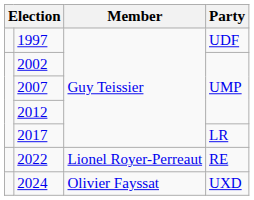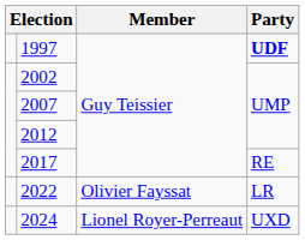 <table class="wikitable">
 <tr>
 <th colspan="2">Election</th>
 <th>Member</th>
 <th>Party</th>
 </tr>
 <tr>
 <td style="color:inherit;background-color: "></td>
 <td><a href='#'>1997</a></td>
 <td rowspan="5"><a href='#'>Guy Teissier</a></td>
-<td><a href='#'>UDF</a></td>
+<td><strong><a href='#'>UDF</a></strong></td>
 </tr>
 <tr>
 <td rowspan="4" style="background-color: "></td>
 <td><a href='#'>2002</a></td>
 <td rowspan="3"><a href='#'>UMP</a></td>
 </tr>
 <tr>
 <td><a href='#'>2007</a></td>
 </tr>
 <tr>
 <td><a href='#'>2012</a></td>
 </tr>
 <tr>
 <td><a href='#'>2017</a></td>
+<td><a href='#'>RE</a></td>
+</tr>
+<tr>
+<td style="color:inherit;background-color: "></td>
+<td><a href='#'>2022</a></td>
+<td><a href='#'>Olivier Fayssat</a></td>
 <td><a href='#'>LR</a></td>
 </tr>
 <tr>
 <td style="color:inherit;background-color: "></td>
-<td><a href='#'>2022</a></td>
+<td><a href='#'>2024</a></td>
 <td><a href='#'>Lionel Royer-Perreaut</a></td>
-<td><a href='#'>RE</a></td>
-</tr>
-<tr>
-<td style="color:inherit;background-color: "></td>
-<td><a href='#'>2024</a></td>
-<td><a href='#'>Olivier Fayssat</a></td>
 <td><a href='#'>UXD</a></td>
 </tr>
 </table>
